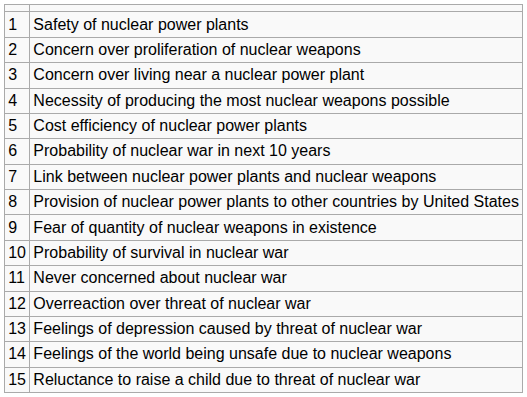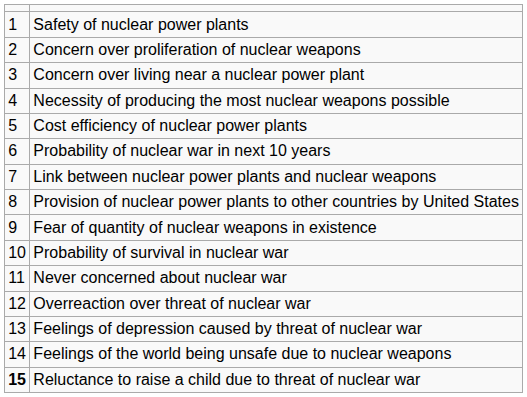 <table class="wikitable mw-collapsible">
 <tr>
 <td></td>
 <td></td>
 </tr>
 <tr>
 <td>1</td>
 <td>Safety of nuclear power plants</td>
 </tr>
 <tr>
 <td>2</td>
 <td>Concern over proliferation of nuclear weapons</td>
 </tr>
 <tr>
 <td>3</td>
 <td>Concern over living near a nuclear power plant</td>
 </tr>
 <tr>
 <td>4</td>
 <td>Necessity of producing the most nuclear weapons possible</td>
 </tr>
 <tr>
 <td>5</td>
 <td>Cost efficiency of nuclear power plants</td>
 </tr>
 <tr>
 <td>6</td>
 <td>Probability of nuclear war in next 10 years</td>
 </tr>
 <tr>
 <td>7</td>
 <td>Link between nuclear power plants and nuclear weapons</td>
 </tr>
 <tr>
 <td>8</td>
 <td>Provision of nuclear power plants to other countries by United States</td>
 </tr>
 <tr>
 <td>9</td>
 <td>Fear of quantity of nuclear weapons in existence</td>
 </tr>
 <tr>
 <td>10</td>
 <td>Probability of survival in nuclear war</td>
 </tr>
 <tr>
 <td>11</td>
 <td>Never concerned about nuclear war</td>
 </tr>
 <tr>
 <td>12</td>
 <td>Overreaction over threat of nuclear war</td>
 </tr>
 <tr>
 <td>13</td>
 <td>Feelings of depression caused by threat of nuclear war</td>
 </tr>
 <tr>
 <td>14</td>
 <td>Feelings of the world being unsafe due to nuclear weapons</td>
 </tr>
 <tr>
-<td>15</td>
+<td><strong>15</strong></td>
 <td>Reluctance to raise a child due to threat of nuclear war</td>
 </tr>
 </table>
